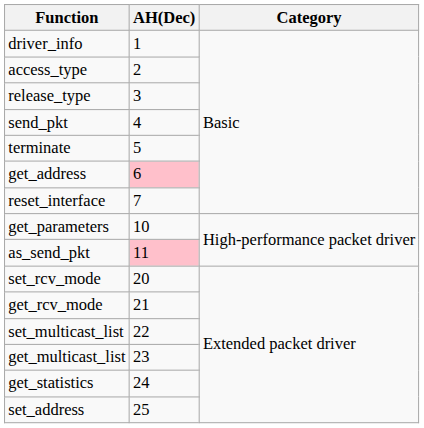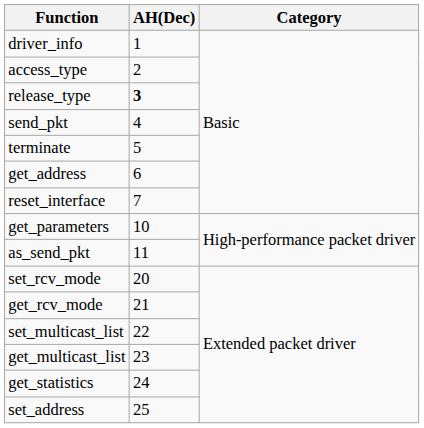 <table class="wikitable">
 <tr>
 <th>Function</th>
 <th>AH(Dec)</th>
 <th>Category</th>
 </tr>
 <tr>
 <td>driver_info</td>
 <td>1</td>
 <td rowspan=7>Basic</td>
 </tr>
 <tr>
 <td>access_type</td>
 <td>2</td>
 </tr>
 <tr>
 <td>release_type</td>
-<td>3</td>
+<td><strong>3</strong></td>
 </tr>
 <tr>
 <td>send_pkt</td>
 <td>4</td>
 </tr>
 <tr>
 <td>terminate</td>
 <td>5</td>
 </tr>
 <tr>
 <td>get_address</td>
-<td style="background: pink;">6</td>
+<td>6</td>
 </tr>
 <tr>
 <td>reset_interface</td>
 <td>7</td>
 </tr>
 <tr>
 <td>get_parameters</td>
 <td>10</td>
 <td rowspan=2>High-performance packet driver</td>
 </tr>
 <tr>
 <td>as_send_pkt</td>
-<td style="background: pink;">11</td>
+<td>11</td>
 </tr>
 <tr>
 <td>set_rcv_mode</td>
 <td>20</td>
 <td rowspan=6>Extended packet driver</td>
 </tr>
 <tr>
 <td>get_rcv_mode</td>
 <td>21</td>
 </tr>
 <tr>
 <td>set_multicast_list</td>
 <td>22</td>
 </tr>
 <tr>
 <td>get_multicast_list</td>
 <td>23</td>
 </tr>
 <tr>
 <td>get_statistics</td>
 <td>24</td>
 </tr>
 <tr>
 <td>set_address</td>
 <td>25</td>
 </tr>
 </table>
